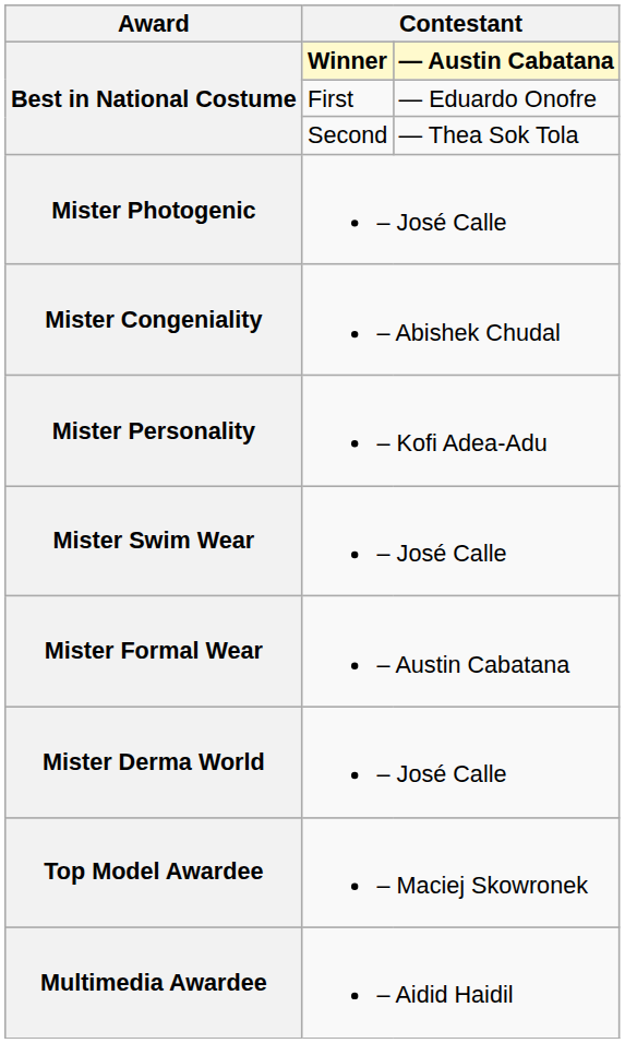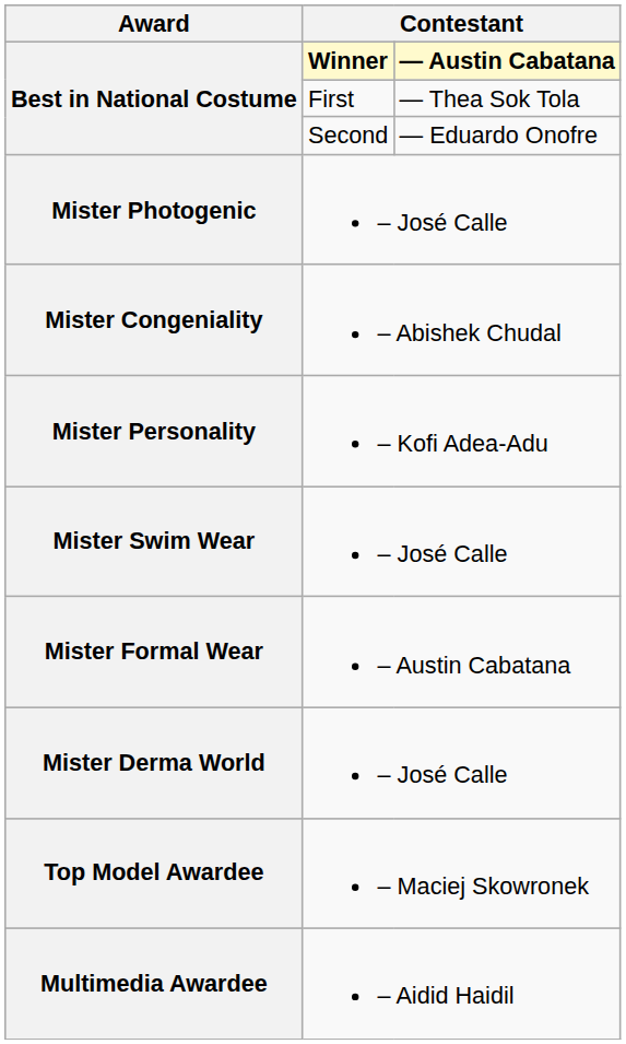 <table class="wikitable sortable" style="font-size: 85%;">
 <tr>
 <th>Award</th>
 <th colspan="2">Contestant</th>
 </tr>
 <tr>
 <th rowspan="3">Best in National Costume</th>
 <td style="background:#FFFACD"><strong>Winner</strong></td>
 <td style="background:#FFFACD"><strong> — Austin Cabatana</strong></td>
 </tr>
 <tr>
 <td>First</td>
-<td> — Eduardo Onofre</td>
+<td> — Thea Sok Tola</td>
 </tr>
 <tr>
 <td>Second</td>
-<td> — Thea Sok Tola</td>
+<td> — Eduardo Onofre</td>
 </tr>
 <tr>
 <th>Mister Photogenic</th>
 <td colspan="2"><br><ul><li> – José Calle</li></ul></td>
 </tr>
 <tr>
 <th>Mister Congeniality</th>
 <td colspan="2"><br><ul><li> – Abishek Chudal</li></ul></td>
 </tr>
 <tr>
 <th>Mister Personality</th>
 <td colspan="2"><br><ul><li> – Kofi Adea-Adu</li></ul></td>
 </tr>
 <tr>
 <th>Mister Swim Wear</th>
 <td colspan="2"><br><ul><li> – José Calle</li></ul></td>
 </tr>
 <tr>
 <th>Mister Formal Wear</th>
 <td colspan="2"><br><ul><li> – Austin Cabatana</li></ul></td>
 </tr>
 <tr>
 <th>Mister Derma World</th>
 <td colspan="2"><br><ul><li> – José Calle</li></ul></td>
 </tr>
 <tr>
 <th>Top Model Awardee</th>
 <td colspan="2"><br><ul><li> – Maciej Skowronek</li></ul></td>
 </tr>
 <tr>
 <th>Multimedia Awardee</th>
 <td colspan="2"><br><ul><li> – Aidid Haidil</li></ul></td>
 </tr>
 </table>
